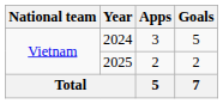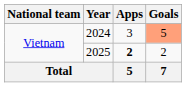 <table class="wikitable" style="text-align: center;">
 <tr>
 <th>National team</th>
 <th>Year</th>
 <th>Apps</th>
 <th>Goals</th>
 </tr>
 <tr>
 <td rowspan="2"><a href='#'>Vietnam</a></td>
 <td>2024</td>
 <td>3</td>
-<td>5</td>
+<td style="background: lightsalmon;">5</td>
 </tr>
 <tr>
 <td>2025</td>
-<td>2</td>
+<td><strong>2</strong></td>
 <td>2</td>
 </tr>
 <tr>
 <th colspan="2">Total</th>
 <th>5</th>
 <th>7</th>
 </tr>
 </table>
